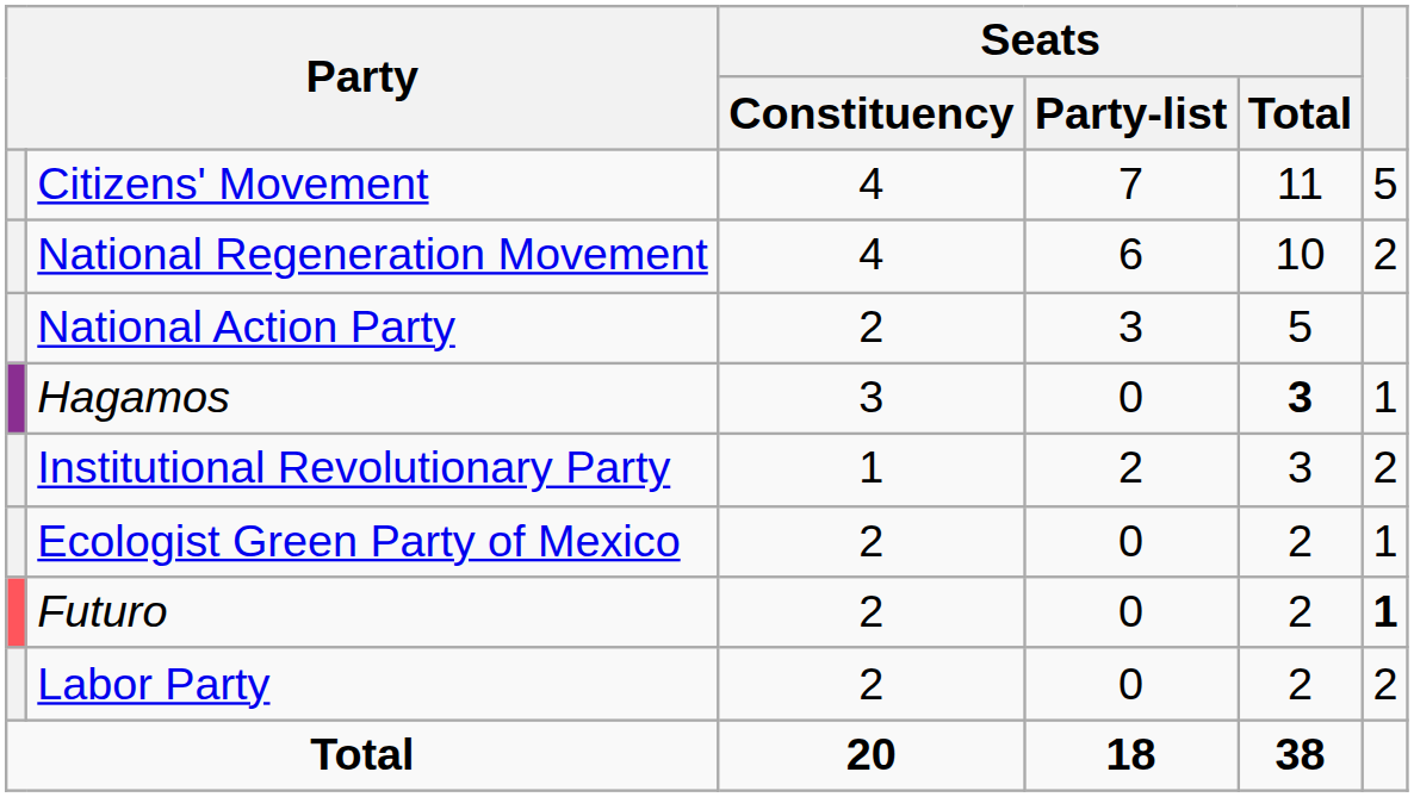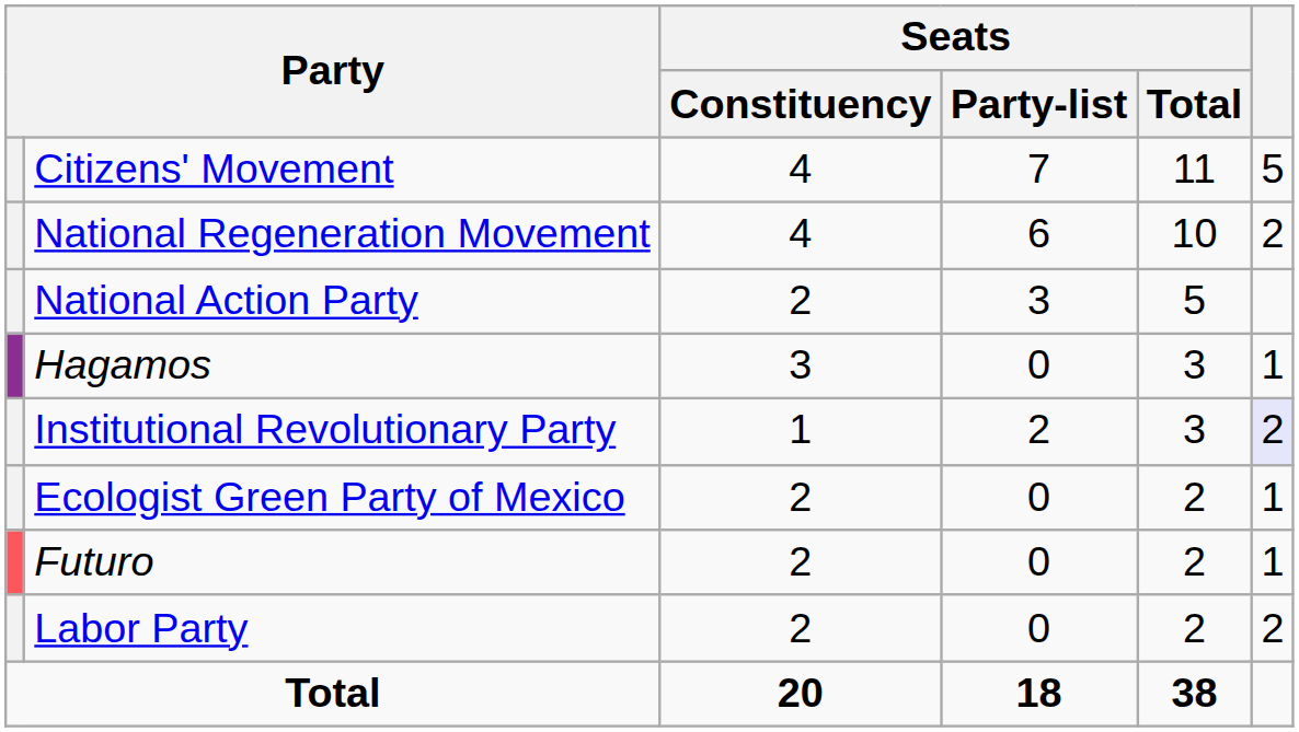 <table class="wikitable" style="text-align:center;">
 <tr>
 <th colspan="2" rowspan="2">Party</th>
 <th colspan="3">Seats</th>
 <th rowspan="2"></th>
 </tr>
 <tr>
 <th style="width:3em"><strong>Constituency</strong></th>
 <th>Party-list</th>
 <th>Total</th>
 </tr>
 <tr>
 <th style="background-color:"></th>
 <td style="text-align:left;"><a href='#'>Citizens' Movement</a></td>
 <td>4</td>
 <td>7</td>
 <td>11</td>
 <td> 5</td>
 </tr>
 <tr>
 <th style="background-color:"></th>
 <td style="text-align:left;"><a href='#'>National Regeneration Movement</a></td>
 <td>4</td>
 <td>6</td>
 <td>10</td>
 <td> 2</td>
 </tr>
 <tr>
 <th style="background-color:"></th>
 <td style="text-align:left;"><a href='#'>National Action Party</a></td>
 <td>2</td>
 <td>3</td>
 <td>5</td>
 <td></td>
 </tr>
 <tr>
 <th style="background-color:#8a2e91;"></th>
 <td style="text-align:left;"><em>Hagamos</em></td>
 <td>3</td>
 <td>0</td>
-<td><strong>3</strong></td>
+<td>3</td>
 <td> 1</td>
 </tr>
 <tr>
 <th style="background-color:"></th>
 <td style="text-align:left;"><a href='#'>Institutional Revolutionary Party</a></td>
 <td>1</td>
 <td>2</td>
 <td>3</td>
-<td> 2</td>
+<td style="background: lavender;"> 2</td>
 </tr>
 <tr>
 <th style="background-color:"></th>
 <td style="text-align:left;"><a href='#'>Ecologist Green Party of Mexico</a></td>
 <td>2</td>
 <td>0</td>
 <td>2</td>
 <td> 1</td>
 </tr>
 <tr>
 <th style="background-color:#ff555c;"></th>
 <td style="text-align:left;"><em>Futuro</em></td>
 <td>2</td>
 <td>0</td>
 <td>2</td>
-<td><strong> 1</strong></td>
+<td> 1</td>
 </tr>
 <tr>
 <th style="background-color:"></th>
 <td style="text-align:left;"><a href='#'>Labor Party</a></td>
 <td>2</td>
 <td>0</td>
 <td>2</td>
 <td> 2</td>
 </tr>
 <tr>
 <td colspan="2"><strong>Total</strong></td>
 <td><strong>20</strong></td>
 <td><strong>18</strong></td>
 <td><strong>38</strong></td>
 <td></td>
 </tr>
 </table>
